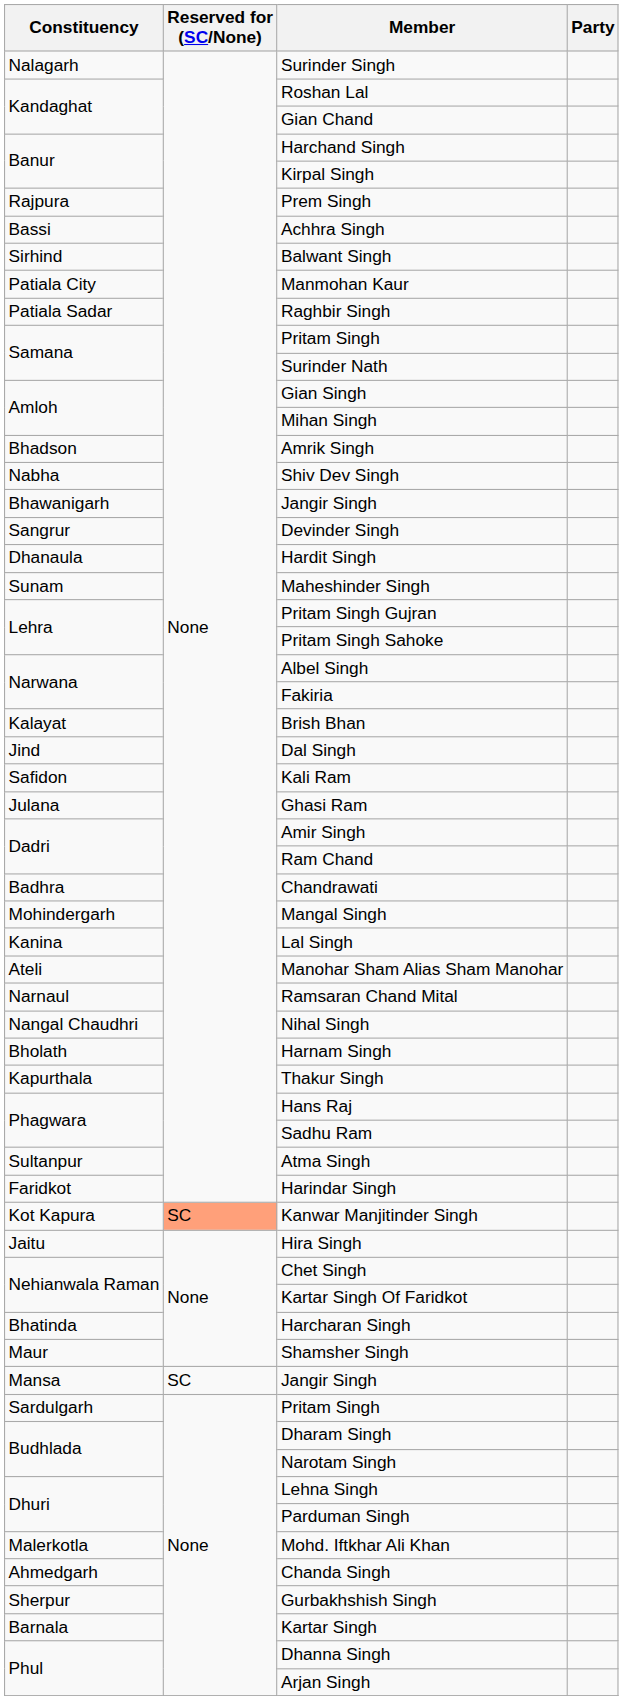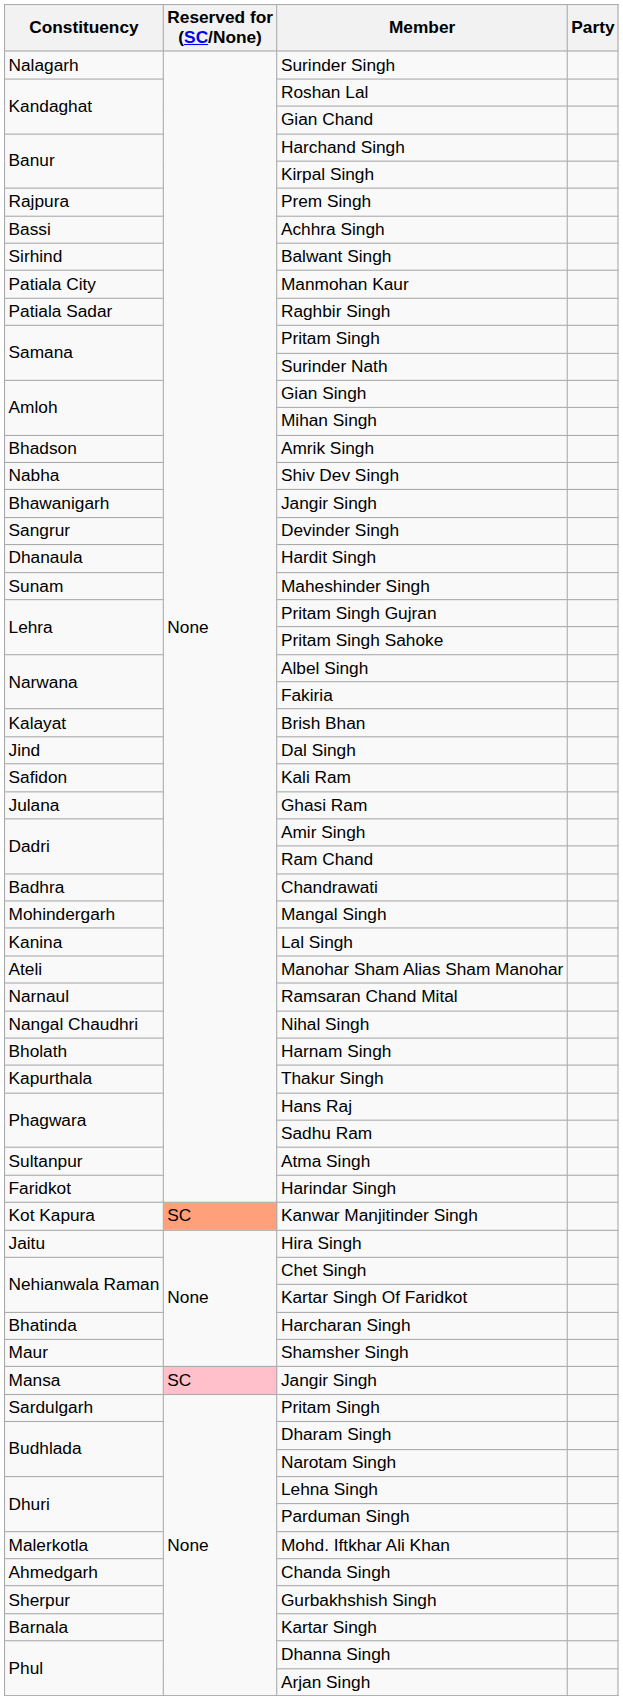 <table class="wikitable sortable">
 <tr>
 <th>Constituency</th>
 <th>Reserved for<br>(<a href='#'>SC</a>/None)</th>
 <th>Member</th>
 <th colspan=2>Party</th>
 </tr>
 <tr>
 <td>Nalagarh</td>
 <td rowspan=42>None</td>
 <td>Surinder Singh</td>
 <td></td>
 </tr>
 <tr>
 <td rowspan=2>Kandaghat</td>
 <td>Roshan Lal</td>
 <td></td>
 </tr>
 <tr>
 <td>Gian Chand</td>
 <td></td>
 </tr>
 <tr>
 <td rowspan=2>Banur</td>
 <td>Harchand Singh</td>
 <td></td>
 </tr>
 <tr>
 <td>Kirpal Singh</td>
 <td></td>
 </tr>
 <tr>
 <td>Rajpura</td>
 <td>Prem Singh</td>
 <td></td>
 </tr>
 <tr>
 <td>Bassi</td>
 <td>Achhra Singh</td>
 <td></td>
 </tr>
 <tr>
 <td>Sirhind</td>
 <td>Balwant Singh</td>
 <td></td>
 </tr>
 <tr>
 <td>Patiala City</td>
 <td>Manmohan Kaur</td>
 <td></td>
 </tr>
 <tr>
 <td>Patiala Sadar</td>
 <td>Raghbir Singh</td>
 <td></td>
 </tr>
 <tr>
 <td rowspan=2>Samana</td>
 <td>Pritam Singh</td>
 <td></td>
 </tr>
 <tr>
 <td>Surinder Nath</td>
 <td></td>
 </tr>
 <tr>
 <td rowspan=2>Amloh</td>
 <td>Gian Singh</td>
 <td></td>
 </tr>
 <tr>
 <td>Mihan Singh</td>
 <td></td>
 </tr>
 <tr>
 <td>Bhadson</td>
 <td>Amrik Singh</td>
 <td></td>
 </tr>
 <tr>
 <td>Nabha</td>
 <td>Shiv Dev Singh</td>
 <td></td>
 </tr>
 <tr>
 <td>Bhawanigarh</td>
 <td>Jangir Singh</td>
 <td></td>
 </tr>
 <tr>
 <td>Sangrur</td>
 <td>Devinder Singh</td>
 <td></td>
 </tr>
 <tr>
 <td>Dhanaula</td>
 <td>Hardit Singh</td>
 <td></td>
 </tr>
 <tr>
 <td>Sunam</td>
 <td>Maheshinder Singh</td>
 <td></td>
 </tr>
 <tr>
 <td rowspan=2>Lehra</td>
 <td>Pritam Singh Gujran</td>
 <td></td>
 </tr>
 <tr>
 <td>Pritam Singh Sahoke</td>
 <td></td>
 </tr>
 <tr>
 <td rowspan=2>Narwana</td>
 <td>Albel Singh</td>
 <td></td>
 </tr>
 <tr>
 <td>Fakiria</td>
 <td></td>
 </tr>
 <tr>
 <td>Kalayat</td>
 <td>Brish Bhan</td>
 <td></td>
 </tr>
 <tr>
 <td>Jind</td>
 <td>Dal Singh</td>
 <td></td>
 </tr>
 <tr>
 <td>Safidon</td>
 <td>Kali Ram</td>
 <td></td>
 </tr>
 <tr>
 <td>Julana</td>
 <td>Ghasi Ram</td>
 <td></td>
 </tr>
 <tr>
 <td rowspan=2>Dadri</td>
 <td>Amir Singh</td>
 <td></td>
 </tr>
 <tr>
 <td>Ram Chand</td>
 <td></td>
 </tr>
 <tr>
 <td>Badhra</td>
 <td>Chandrawati</td>
 <td></td>
 </tr>
 <tr>
 <td>Mohindergarh</td>
 <td>Mangal Singh</td>
 <td></td>
 </tr>
 <tr>
 <td>Kanina</td>
 <td>Lal Singh</td>
 <td></td>
 </tr>
 <tr>
 <td>Ateli</td>
 <td>Manohar Sham Alias Sham Manohar</td>
 <td></td>
 </tr>
 <tr>
 <td>Narnaul</td>
 <td>Ramsaran Chand Mital</td>
 <td></td>
 </tr>
 <tr>
 <td>Nangal Chaudhri</td>
 <td>Nihal Singh</td>
 <td></td>
 </tr>
 <tr>
 <td>Bholath</td>
 <td>Harnam Singh</td>
 <td></td>
 </tr>
 <tr>
 <td>Kapurthala</td>
 <td>Thakur Singh</td>
 <td></td>
 </tr>
 <tr>
 <td rowspan=2>Phagwara</td>
 <td>Hans Raj</td>
 <td></td>
 </tr>
 <tr>
 <td>Sadhu Ram</td>
 <td></td>
 </tr>
 <tr>
 <td>Sultanpur</td>
 <td>Atma Singh</td>
 <td></td>
 </tr>
 <tr>
 <td>Faridkot</td>
 <td>Harindar Singh</td>
 <td></td>
 </tr>
 <tr>
 <td>Kot Kapura</td>
 <td style="background: lightsalmon;">SC</td>
 <td>Kanwar Manjitinder Singh</td>
 <td></td>
 </tr>
 <tr>
 <td>Jaitu</td>
 <td rowspan=5>None</td>
 <td>Hira Singh</td>
 <td></td>
 </tr>
 <tr>
 <td rowspan=2>Nehianwala Raman</td>
 <td>Chet Singh</td>
 <td></td>
 </tr>
 <tr>
 <td>Kartar Singh Of Faridkot</td>
 <td></td>
 </tr>
 <tr>
 <td>Bhatinda</td>
 <td>Harcharan Singh</td>
 <td></td>
 </tr>
 <tr>
 <td>Maur</td>
 <td>Shamsher Singh</td>
 <td></td>
 </tr>
 <tr>
 <td>Mansa</td>
-<td>SC</td>
+<td style="background: pink;">SC</td>
 <td>Jangir Singh</td>
 <td></td>
 </tr>
 <tr>
 <td>Sardulgarh</td>
 <td rowspan=11>None</td>
 <td>Pritam Singh</td>
 <td></td>
 </tr>
 <tr>
 <td rowspan=2>Budhlada</td>
 <td>Dharam Singh</td>
 <td></td>
 </tr>
 <tr>
 <td>Narotam Singh</td>
 <td></td>
 </tr>
 <tr>
 <td rowspan=2>Dhuri</td>
 <td>Lehna Singh</td>
 <td></td>
 </tr>
 <tr>
 <td>Parduman Singh</td>
 <td></td>
 </tr>
 <tr>
 <td>Malerkotla</td>
 <td>Mohd. Iftkhar Ali Khan</td>
 <td></td>
 </tr>
 <tr>
 <td>Ahmedgarh</td>
 <td>Chanda Singh</td>
 <td></td>
 </tr>
 <tr>
 <td>Sherpur</td>
 <td>Gurbakhshish Singh</td>
 <td></td>
 </tr>
 <tr>
 <td>Barnala</td>
 <td>Kartar Singh</td>
 <td></td>
 </tr>
 <tr>
 <td rowspan=2>Phul</td>
 <td>Dhanna Singh</td>
 <td></td>
 </tr>
 <tr>
 <td>Arjan Singh</td>
 <td></td>
 </tr>
 <tr>
 </tr>
 </table>
